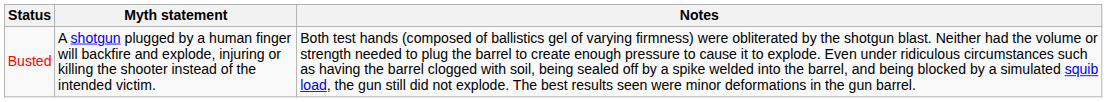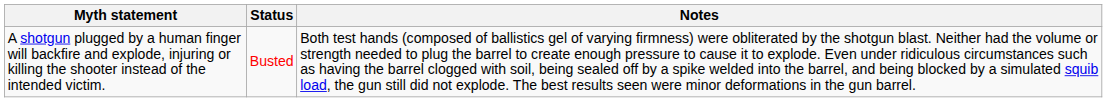 <table class="wikitable plainrowheaders">
 <tr>
+<th>Myth statement</th>
 <th>Status</th>
-<th>Myth statement</th>
 <th>Notes</th>
 </tr>
 <tr>
+<td>A <a href='#'>shotgun</a> plugged by a human finger will backfire and explode, injuring or killing the shooter instead of the intended victim.</td>
 <td style="color:red">Busted</td>
-<td>A <a href='#'>shotgun</a> plugged by a human finger will backfire and explode, injuring or killing the shooter instead of the intended victim.</td>
 <td>Both test hands (composed of ballistics gel of varying firmness) were obliterated by the shotgun blast. Neither had the volume or strength needed to plug the barrel to create enough pressure to cause it to explode. Even under ridiculous circumstances such as having the barrel clogged with soil, being sealed off by a  spike welded into the barrel, and being blocked by a simulated <a href='#'>squib load</a>, the gun still did not explode. The best results seen were minor deformations in the gun barrel.</td>
 </tr>
 </table>
